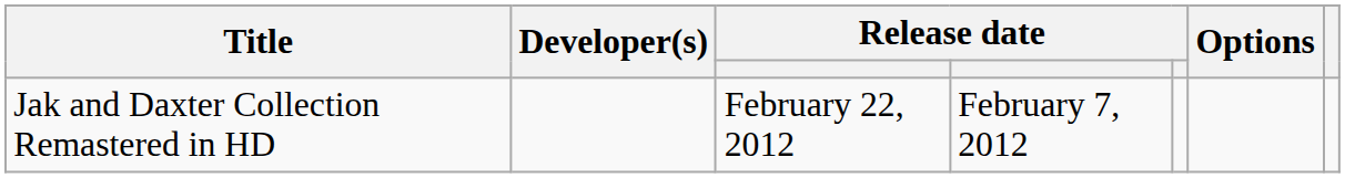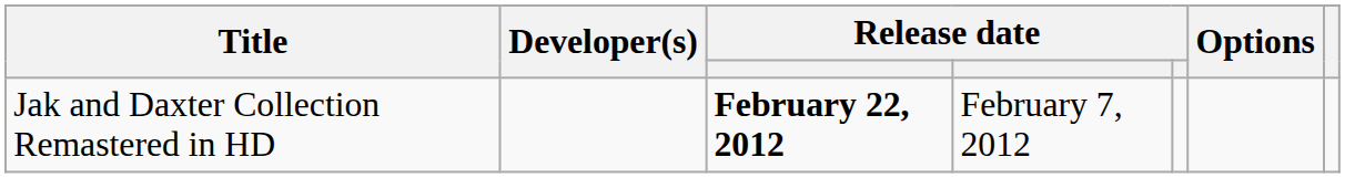 <table class="wikitable sortable" id="bundlelist">
 <tr>
 <th rowspan="2">Title</th>
 <th rowspan="2">Developer(s)</th>
 <th colspan="3">Release date</th>
 <th rowspan="2">Options</th>
 <th rowspan="2" class="unsortable"></th>
 </tr>
 <tr>
 <th></th>
 <th></th>
 <th></th>
 </tr>
 <tr>
 <td>Jak and Daxter Collection Remastered in HD</td>
 <td Mass Media></td>
-<td>February 22, 2012</td>
+<td><strong>February 22, 2012</strong></td>
 <td>February 7, 2012</td>
 <td></td>
 <td></td>
 </tr>
 </table>
